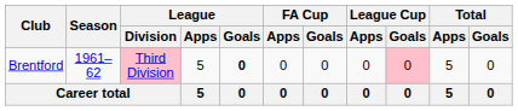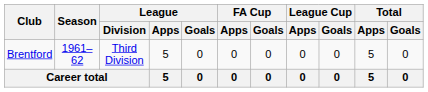 <table class="wikitable" style="text-align: center;">
 <tr>
 <th rowspan="2">Club</th>
 <th rowspan="2">Season</th>
 <th colspan="3">League</th>
 <th colspan="2">FA Cup</th>
 <th colspan="2">League Cup</th>
 <th colspan="2">Total</th>
 </tr>
 <tr>
 <th>Division</th>
 <th>Apps</th>
 <th>Goals</th>
 <th>Apps</th>
 <th>Goals</th>
 <th>Apps</th>
 <th>Goals</th>
 <th>Apps</th>
 <th>Goals</th>
 </tr>
 <tr>
 <td><a href='#'>Brentford</a></td>
 <td><a href='#'>1961–62</a></td>
-<td style="background: pink;"><a href='#'>Third Division</a></td>
+<td><a href='#'>Third Division</a></td>
 <td>5</td>
-<td><strong>0</strong></td>
 <td>0</td>
 <td>0</td>
 <td>0</td>
-<td style="background: pink;">0</td>
+<td>0</td>
+<td>0</td>
 <td>5</td>
 <td>0</td>
 </tr>
 <tr>
 <th colspan="3">Career total</th>
 <th>5</th>
 <th>0</th>
 <th>0</th>
 <th>0</th>
 <th>0</th>
 <th>0</th>
 <th>5</th>
 <th>0</th>
 </tr>
 </table>
